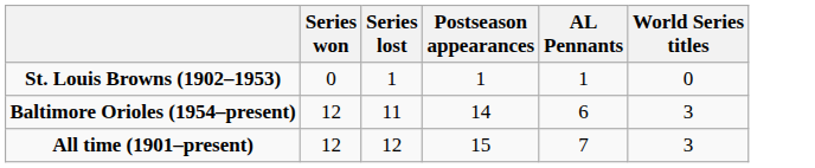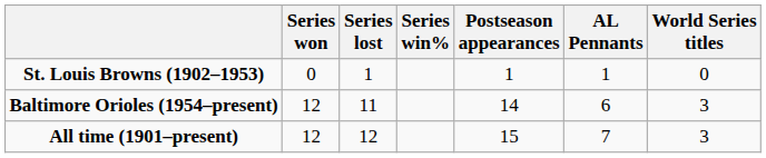 <table class="wikitable plainrowheaders" style="font-size:95%; text-align:center;">
 <tr>
 <th scope="col"></th>
 <th scope="col">Series<br>won</th>
 <th scope="col">Series<br>lost</th>
+<th scope="col">Series<br>win%</th>
 <th scope="col">Postseason<br>appearances</th>
 <th scope="col">AL<br>Pennants</th>
 <th scope="col">World Series<br>titles</th>
 </tr>
 <tr>
 <td><strong>St. Louis Browns (1902–1953)</strong></td>
 <td>0</td>
 <td>1</td>
+<td></td>
 <td>1</td>
 <td>1</td>
 <td>0</td>
 </tr>
 <tr>
 <td><strong>Baltimore Orioles (1954–present)</strong></td>
 <td>12</td>
 <td>11</td>
+<td></td>
 <td>14</td>
 <td>6</td>
 <td>3</td>
 </tr>
 <tr>
 <td><strong>All time (1901–present)</strong></td>
 <td>12</td>
 <td>12</td>
+<td></td>
 <td>15</td>
 <td>7</td>
 <td>3</td>
 </tr>
 </table>
